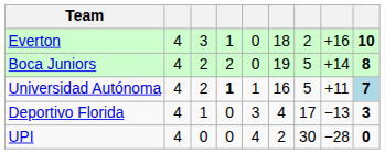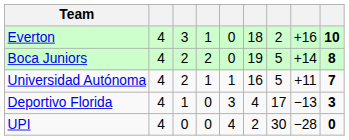 <table class="wikitable" style="text-align: center;">
 <tr>
 <th>Team</th>
 <th width=20></th>
 <th width=20></th>
 <th width=20></th>
 <th width=20></th>
 <th width=20></th>
 <th width=20></th>
 <th width=20></th>
 <th width=20></th>
 </tr>
 <tr style="background:#cfc;">
 <td align=left> <a href='#'>Everton</a></td>
 <td>4</td>
 <td>3</td>
 <td>1</td>
 <td>0</td>
 <td>18</td>
 <td>2</td>
 <td>+16</td>
 <td><strong>10</strong></td>
 </tr>
 <tr style="background:#cfc;">
 <td align=left> <a href='#'>Boca Juniors</a></td>
 <td>4</td>
 <td>2</td>
 <td>2</td>
 <td>0</td>
 <td>19</td>
 <td>5</td>
 <td>+14</td>
 <td><strong>8</strong></td>
 </tr>
 <tr>
 <td align=left> <a href='#'>Universidad Autónoma</a></td>
 <td>4</td>
 <td>2</td>
-<td><strong>1</strong></td>
+<td>1</td>
 <td>1</td>
 <td>16</td>
 <td>5</td>
 <td>+11</td>
-<td style="background: lightblue;"><strong>7</strong></td>
+<td><strong>7</strong></td>
 </tr>
 <tr>
 <td align=left> <a href='#'>Deportivo Florida</a></td>
 <td>4</td>
 <td>1</td>
 <td>0</td>
 <td>3</td>
 <td>4</td>
 <td>17</td>
 <td>−13</td>
 <td><strong>3</strong></td>
 </tr>
 <tr>
 <td align=left> <a href='#'>UPI</a></td>
 <td>4</td>
 <td>0</td>
 <td>0</td>
 <td>4</td>
 <td>2</td>
 <td>30</td>
 <td>−28</td>
 <td><strong>0</strong></td>
 </tr>
 </table>
